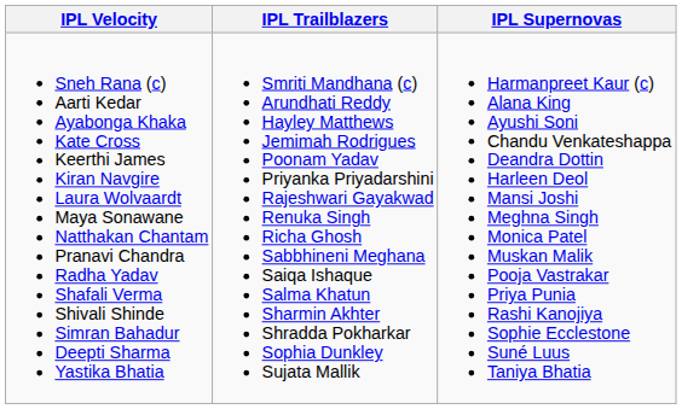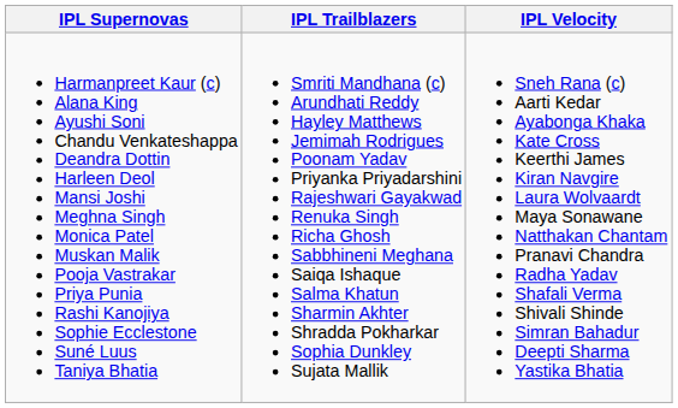 <table class="wikitable" Style="font-size:95%;">
 <tr>
+<th><a href='#'>IPL Supernovas</a></th>
+<th><a href='#'>IPL Trailblazers</a></th>
 <th><a href='#'>IPL Velocity</a></th>
-<th><a href='#'>IPL Trailblazers</a></th>
-<th><a href='#'>IPL Supernovas</a></th>
 </tr>
 <tr>
+<td valign=top><br><ul><li> <a href='#'>Harmanpreet Kaur</a> (<a href='#'>c</a>)</li><li> <a href='#'>Alana King</a></li><li> <a href='#'>Ayushi Soni</a></li><li> Chandu Venkateshappa</li><li> <a href='#'>Deandra Dottin</a></li><li> <a href='#'>Harleen Deol</a></li><li> <a href='#'>Mansi Joshi</a></li><li> <a href='#'>Meghna Singh</a></li><li> <a href='#'>Monica Patel</a></li><li> <a href='#'>Muskan Malik</a></li><li> <a href='#'>Pooja Vastrakar</a></li><li> <a href='#'>Priya Punia</a></li><li> <a href='#'>Rashi Kanojiya</a></li><li> <a href='#'>Sophie Ecclestone</a></li><li> <a href='#'>Suné Luus</a></li><li> <a href='#'>Taniya Bhatia</a></li></ul></td>
+<td valign=top><br><ul><li> <a href='#'>Smriti Mandhana</a> (<a href='#'>c</a>)</li><li> <a href='#'>Arundhati Reddy</a></li><li> <a href='#'>Hayley Matthews</a></li><li> <a href='#'>Jemimah Rodrigues</a></li><li> <a href='#'>Poonam Yadav</a></li><li> Priyanka Priyadarshini</li><li> <a href='#'>Rajeshwari Gayakwad</a></li><li> <a href='#'>Renuka Singh</a></li><li> <a href='#'>Richa Ghosh</a></li><li> <a href='#'>Sabbhineni Meghana</a></li><li> Saiqa Ishaque</li><li> <a href='#'>Salma Khatun</a></li><li> <a href='#'>Sharmin Akhter</a></li><li> Shradda Pokharkar</li><li> <a href='#'>Sophia Dunkley</a></li><li> Sujata Mallik</li></ul></td>
 <td valign=top><br><ul><li> <a href='#'>Sneh Rana</a> (<a href='#'>c</a>)</li><li> Aarti Kedar</li><li> <a href='#'>Ayabonga Khaka</a></li><li> <a href='#'>Kate Cross</a></li><li> Keerthi James</li><li> <a href='#'>Kiran Navgire</a></li><li> <a href='#'>Laura Wolvaardt</a></li><li> Maya Sonawane</li><li> <a href='#'>Natthakan Chantam</a></li><li> Pranavi Chandra</li><li> <a href='#'>Radha Yadav</a></li><li> <a href='#'>Shafali Verma</a></li><li> Shivali Shinde</li><li> <a href='#'>Simran Bahadur</a></li><li> <a href='#'>Deepti Sharma</a></li><li> <a href='#'>Yastika Bhatia</a></li></ul></td>
-<td valign=top><br><ul><li> <a href='#'>Smriti Mandhana</a> (<a href='#'>c</a>)</li><li> <a href='#'>Arundhati Reddy</a></li><li> <a href='#'>Hayley Matthews</a></li><li> <a href='#'>Jemimah Rodrigues</a></li><li> <a href='#'>Poonam Yadav</a></li><li> Priyanka Priyadarshini</li><li> <a href='#'>Rajeshwari Gayakwad</a></li><li> <a href='#'>Renuka Singh</a></li><li> <a href='#'>Richa Ghosh</a></li><li> <a href='#'>Sabbhineni Meghana</a></li><li> Saiqa Ishaque</li><li> <a href='#'>Salma Khatun</a></li><li> <a href='#'>Sharmin Akhter</a></li><li> Shradda Pokharkar</li><li> <a href='#'>Sophia Dunkley</a></li><li> Sujata Mallik</li></ul></td>
-<td valign=top><br><ul><li> <a href='#'>Harmanpreet Kaur</a> (<a href='#'>c</a>)</li><li> <a href='#'>Alana King</a></li><li> <a href='#'>Ayushi Soni</a></li><li> Chandu Venkateshappa</li><li> <a href='#'>Deandra Dottin</a></li><li> <a href='#'>Harleen Deol</a></li><li> <a href='#'>Mansi Joshi</a></li><li> <a href='#'>Meghna Singh</a></li><li> <a href='#'>Monica Patel</a></li><li> <a href='#'>Muskan Malik</a></li><li> <a href='#'>Pooja Vastrakar</a></li><li> <a href='#'>Priya Punia</a></li><li> <a href='#'>Rashi Kanojiya</a></li><li> <a href='#'>Sophie Ecclestone</a></li><li> <a href='#'>Suné Luus</a></li><li> <a href='#'>Taniya Bhatia</a></li></ul></td>
 </tr>
 </table>
